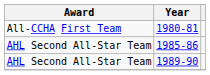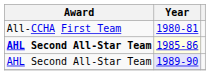 <table class="wikitable">
 <tr>
 <th>Award</th>
 <th>Year</th>
 <th></th>
 </tr>
 <tr>
 <td>All-<a href='#'>CCHA</a> <a href='#'>First Team</a></td>
 <td><a href='#'>1980-81</a></td>
 <td></td>
 </tr>
 <tr>
-<td><a href='#'>AHL</a> Second All-Star Team</td>
-<td><a href='#'>1985-86</a></td>
+<td><strong><a href='#'>AHL</a> Second All-Star Team</strong></td>
+<td style="background: lightyellow;"><a href='#'>1985-86</a></td>
 <td></td>
 </tr>
 <tr>
 <td><a href='#'>AHL</a> Second All-Star Team</td>
-<td><a href='#'>1989-90</a></td>
+<td style="background: lavender;"><a href='#'>1989-90</a></td>
 <td></td>
 </tr>
 <tr>
 </tr>
 </table>
